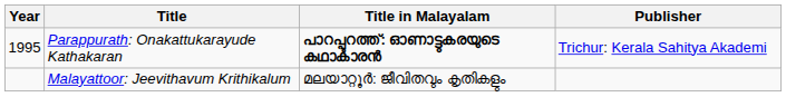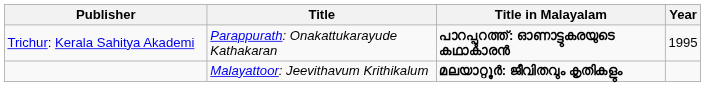 <table class="wikitable">
 <tr>
-<th>Year</th>
+<th ! style=width:15em>Publisher</th>
 <th ! style=width:17em>Title</th>
 <th ! style=width:17em>Title in Malayalam</th>
-<th ! style=width:15em>Publisher</th>
+<th>Year</th>
 </tr>
 <tr>
-<td>1995</td>
+<td><a href='#'>Trichur</a>: <a href='#'>Kerala Sahitya Akademi</a></td>
 <td><em><a href='#'>Parappurath</a>: Onakattukarayude Kathakaran</em></td>
 <td><strong>പാറപ്പുറത്ത്: ഓണാട്ടുകരയുടെ കഥാകാരന്‍</strong></td>
-<td><a href='#'>Trichur</a>: <a href='#'>Kerala Sahitya Akademi</a></td>
+<td>1995</td>
 </tr>
 <tr>
 <td></td>
 <td><em><a href='#'>Malayattoor</a>: Jeevithavum Krithikalum</em></td>
-<td>മലയാറ്റൂര്‍: ജീവിതവും കൃതികളും</td>
+<td><strong>മലയാറ്റൂര്‍: ജീവിതവും കൃതികളും</strong></td>
 <td></td>
 </tr>
 </table>
